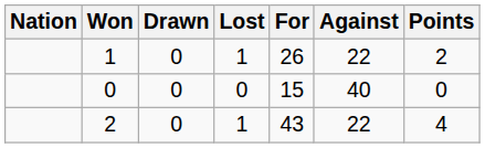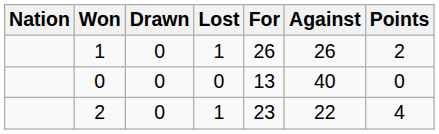 <table class="wikitable" style="text-align: center;">
 <tr>
 <th>Nation</th>
 <th>Won</th>
 <th>Drawn</th>
 <th>Lost</th>
 <th>For</th>
 <th>Against</th>
 <th>Points</th>
 </tr>
 <tr>
 <td align="left"></td>
 <td>1</td>
 <td>0</td>
 <td>1</td>
 <td>26</td>
-<td>22</td>
+<td>26</td>
 <td>2</td>
 </tr>
 <tr>
 <td align="left"></td>
 <td>0</td>
 <td>0</td>
 <td>0</td>
-<td>15</td>
+<td>13</td>
 <td>40</td>
 <td>0</td>
 </tr>
 <tr>
 <td align="left"> </td>
 <td>2</td>
 <td>0</td>
 <td>1</td>
-<td>43</td>
+<td>23</td>
 <td>22</td>
 <td>4</td>
 </tr>
 </table>
